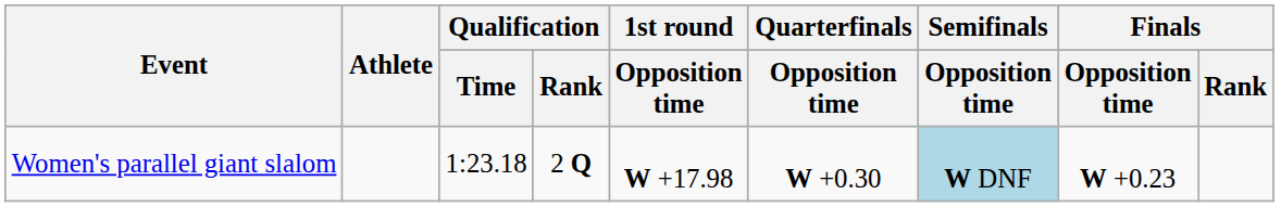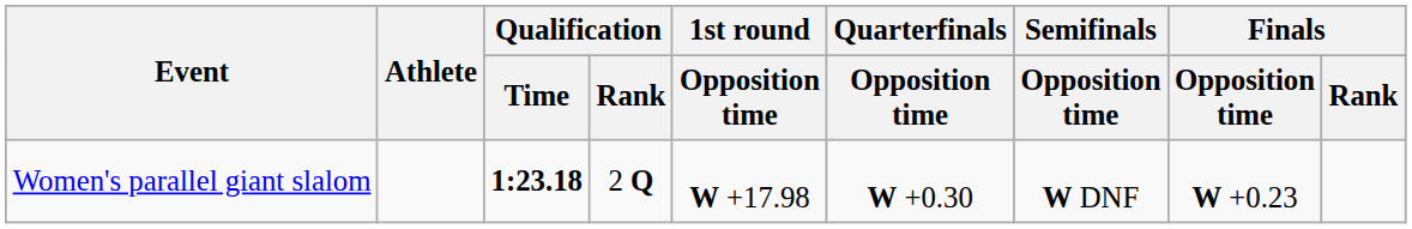 <table class="wikitable" border="1" style="font-size:90%">
 <tr>
 <th rowspan=2>Event</th>
 <th rowspan=2>Athlete</th>
 <th colspan=2>Qualification</th>
 <th>1st round</th>
 <th>Quarterfinals</th>
 <th>Semifinals</th>
 <th colspan=2>Finals</th>
 </tr>
 <tr>
 <th>Time</th>
 <th>Rank</th>
 <th>Opposition<br>time</th>
 <th>Opposition<br>time</th>
 <th>Opposition<br>time</th>
 <th>Opposition<br>time</th>
 <th>Rank</th>
 </tr>
 <tr>
 <td><a href='#'>Women's parallel giant slalom</a></td>
 <td></td>
-<td align=center>1:23.18</td>
+<td align=center><strong>1:23.18</strong></td>
 <td align=center>2 <strong>Q</strong></td>
 <td align=center><br><strong>W</strong> +17.98</td>
 <td align=center><br><strong>W</strong> +0.30</td>
-<td align=center style="background: lightblue;"> <br><strong>W</strong> DNF</td>
+<td align=center> <br><strong>W</strong> DNF</td>
 <td align=center> <br> <strong>W</strong> +0.23</td>
 <td align=center></td>
 </tr>
 </table>
